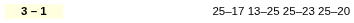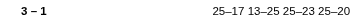 <table>
 <tr>
 <th width=200></th>
 <th width=80></th>
 <th width=200></th>
 <th width=220></th>
 </tr>
 <tr>
 <td align=right><strong></strong></td>
-<td align=center style="background: lightyellow;"><strong>3 – 1</strong></td>
+<td align=center><strong>3 – 1</strong></td>
 <td></td>
 <td>25–17 13–25 25–23 25–20</td>
 </tr>
 </table>
